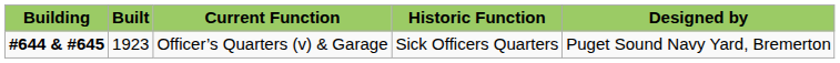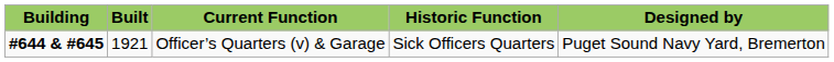 <table class="wikitable">
 <tr>
 <th style="background:#9BCB65">Building</th>
 <th style="background:#9BCB65">Built</th>
 <th style="background:#9BCB65">Current Function</th>
 <th style="background:#9BCB65">Historic Function</th>
 <th style="background:#9BCB65">Designed by</th>
 </tr>
 <tr>
 <td><strong>#644 & #645</strong></td>
-<td>1923</td>
+<td>1921</td>
 <td>Officer’s Quarters (v) & Garage</td>
 <td>Sick Officers Quarters</td>
 <td>Puget Sound Navy Yard, Bremerton</td>
 </tr>
 </table>
